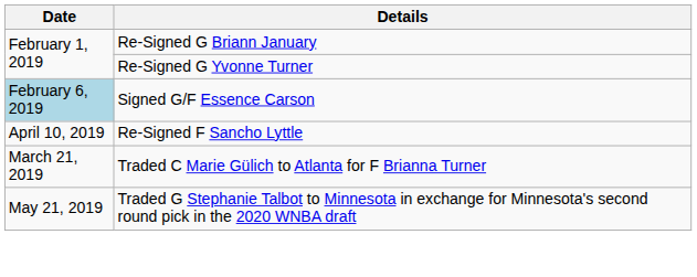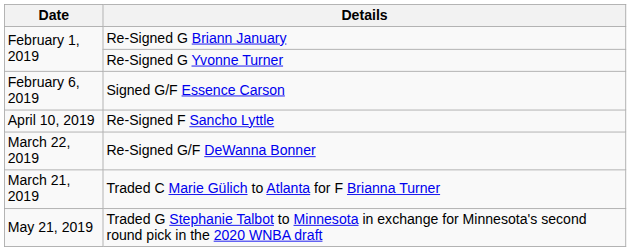 <table class="wikitable" style="width:80%">
 <tr>
 <th>Date</th>
 <th>Details</th>
 </tr>
 <tr>
 <td rowspan="2">February 1, 2019</td>
 <td>Re-Signed G <a href='#'>Briann January</a></td>
 </tr>
 <tr>
 <td>Re-Signed G <a href='#'>Yvonne Turner</a></td>
 </tr>
 <tr>
-<td style="background: lightblue;">February 6, 2019</td>
+<td>February 6, 2019</td>
 <td>Signed G/F <a href='#'>Essence Carson</a></td>
 </tr>
 <tr>
 <td>April 10, 2019</td>
 <td>Re-Signed F <a href='#'>Sancho Lyttle</a></td>
+</tr>
+<tr>
+<td>March 22, 2019</td>
+<td>Re-Signed G/F <a href='#'>DeWanna Bonner</a></td>
 </tr>
 <tr>
 <td>March 21, 2019</td>
 <td>Traded C <a href='#'>Marie Gülich</a> to <a href='#'>Atlanta</a> for  F <a href='#'>Brianna Turner</a></td>
 </tr>
 <tr>
 <td>May 21, 2019</td>
 <td>Traded G <a href='#'>Stephanie Talbot</a> to <a href='#'>Minnesota</a> in exchange for Minnesota's second round pick in the <a href='#'>2020 WNBA draft</a></td>
 </tr>
 </table>
